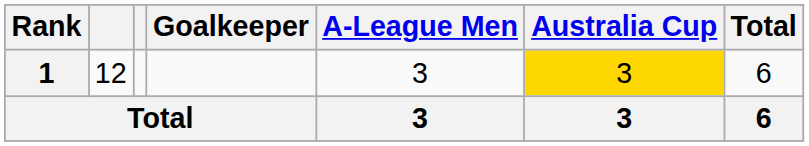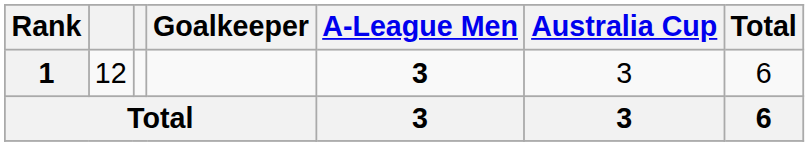 <table class="wikitable" style="text-align:center">
 <tr>
 <th>Rank</th>
 <th></th>
 <th></th>
 <th>Goalkeeper</th>
 <th><a href='#'>A-League Men</a></th>
 <th><a href='#'>Australia Cup</a></th>
 <th>Total</th>
 </tr>
 <tr>
 <th>1</th>
 <td>12</td>
 <td></td>
 <td align="left"></td>
+<td><strong>3</strong></td>
 <td>3</td>
-<td style="background: gold;">3</td>
 <td>6</td>
 </tr>
 <tr>
 <th colspan="4">Total</th>
 <th>3</th>
 <th>3</th>
 <th>6</th>
 </tr>
 </table>
